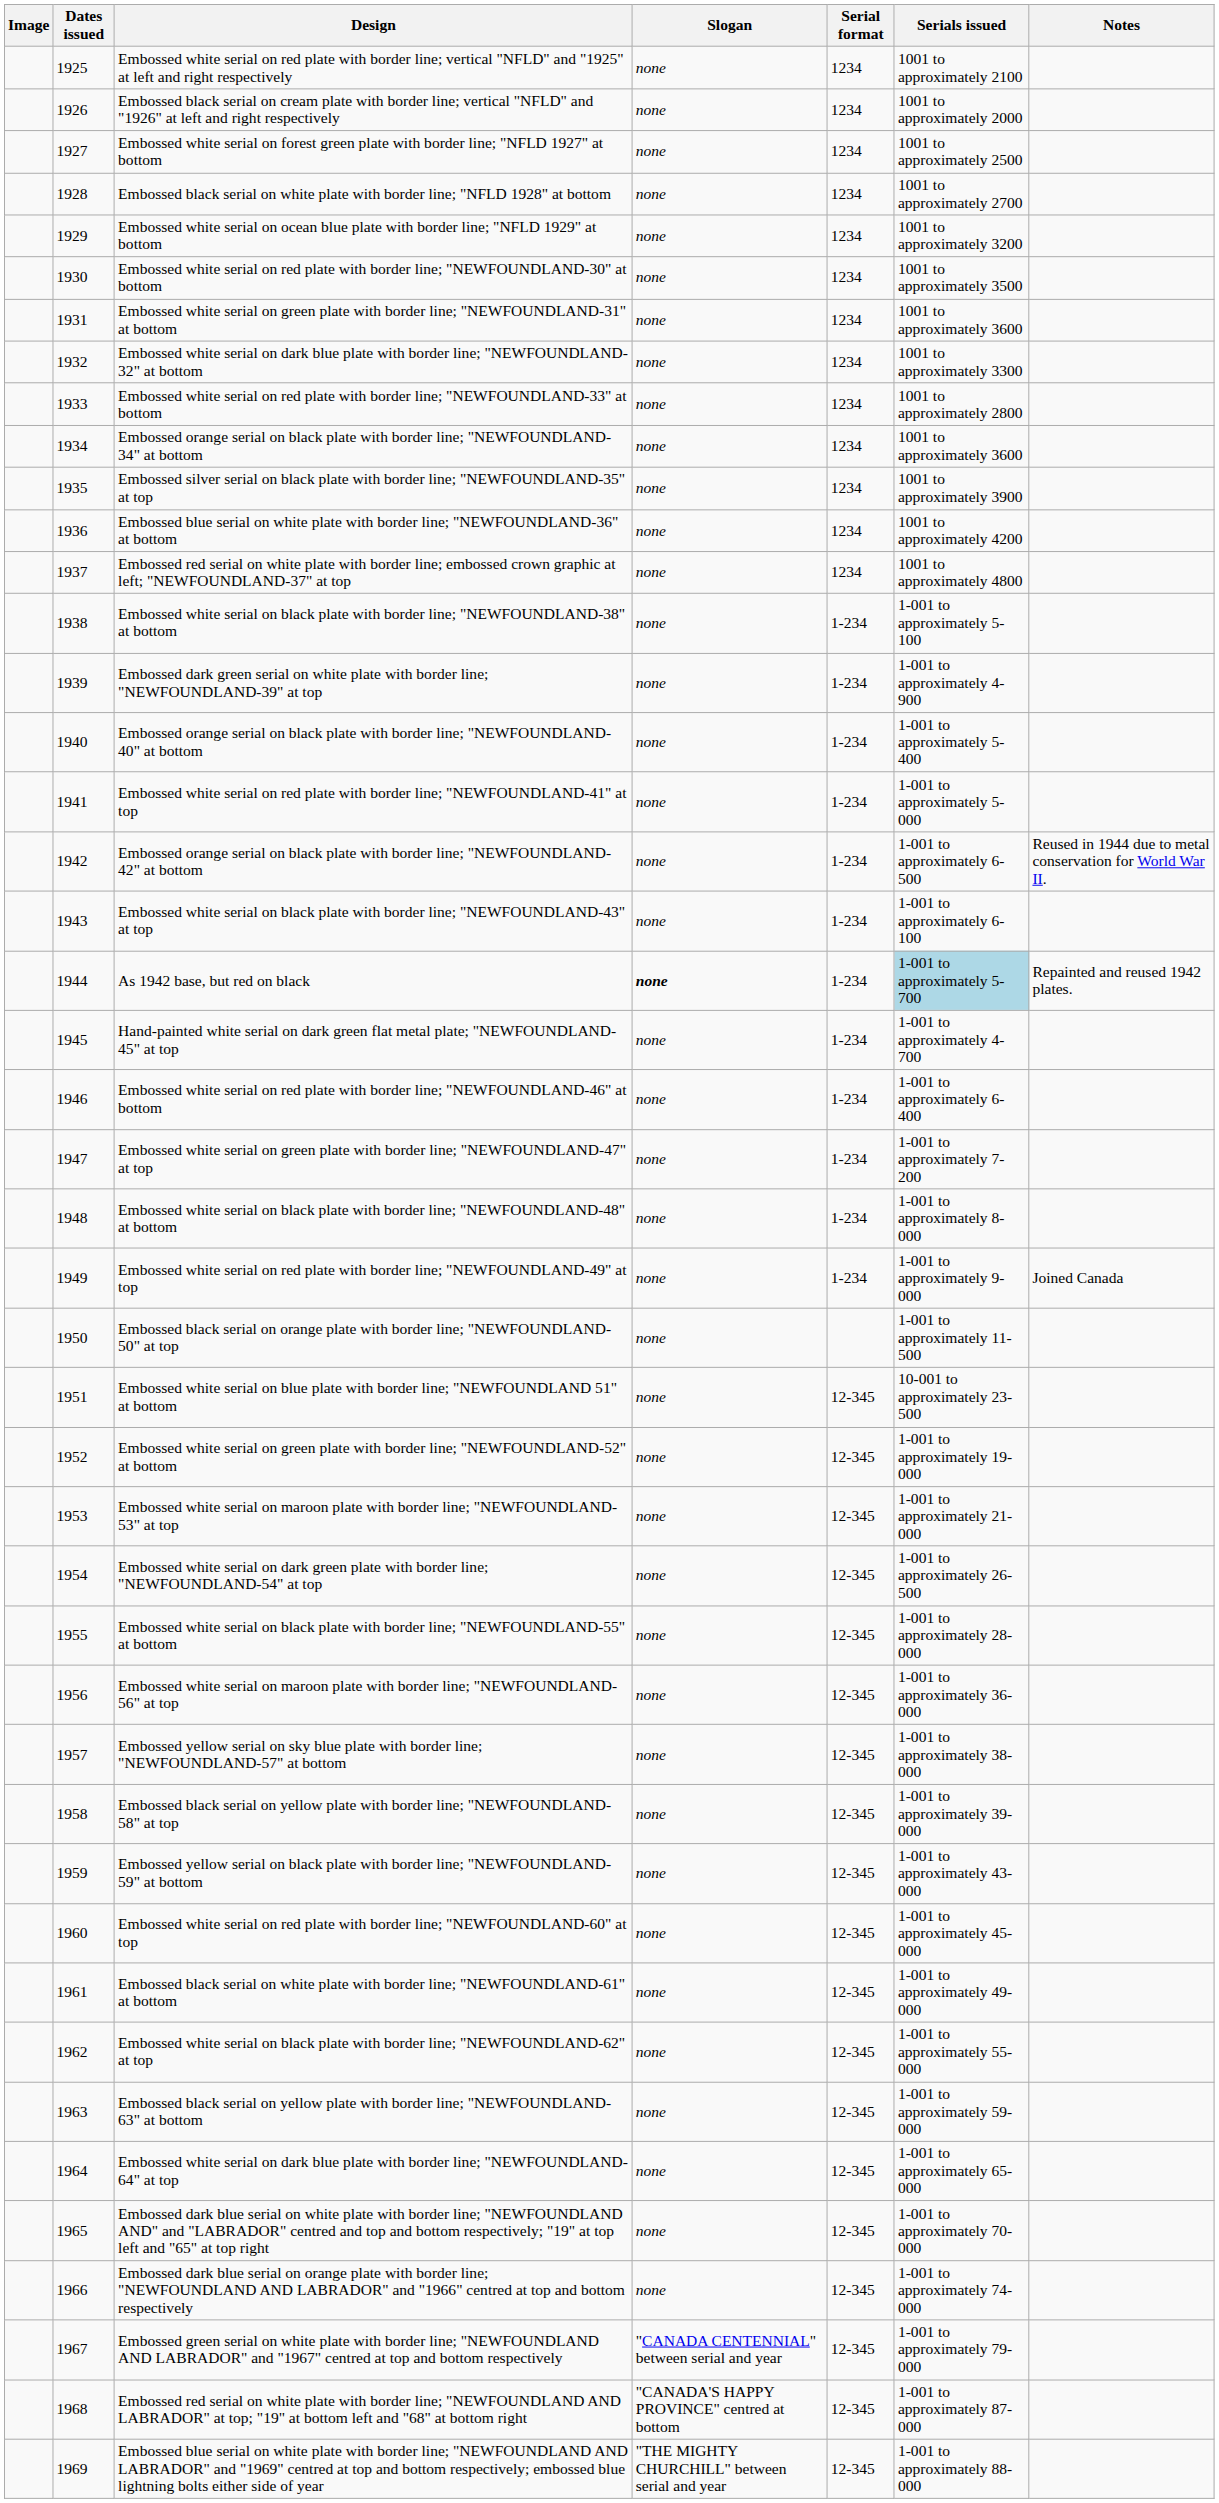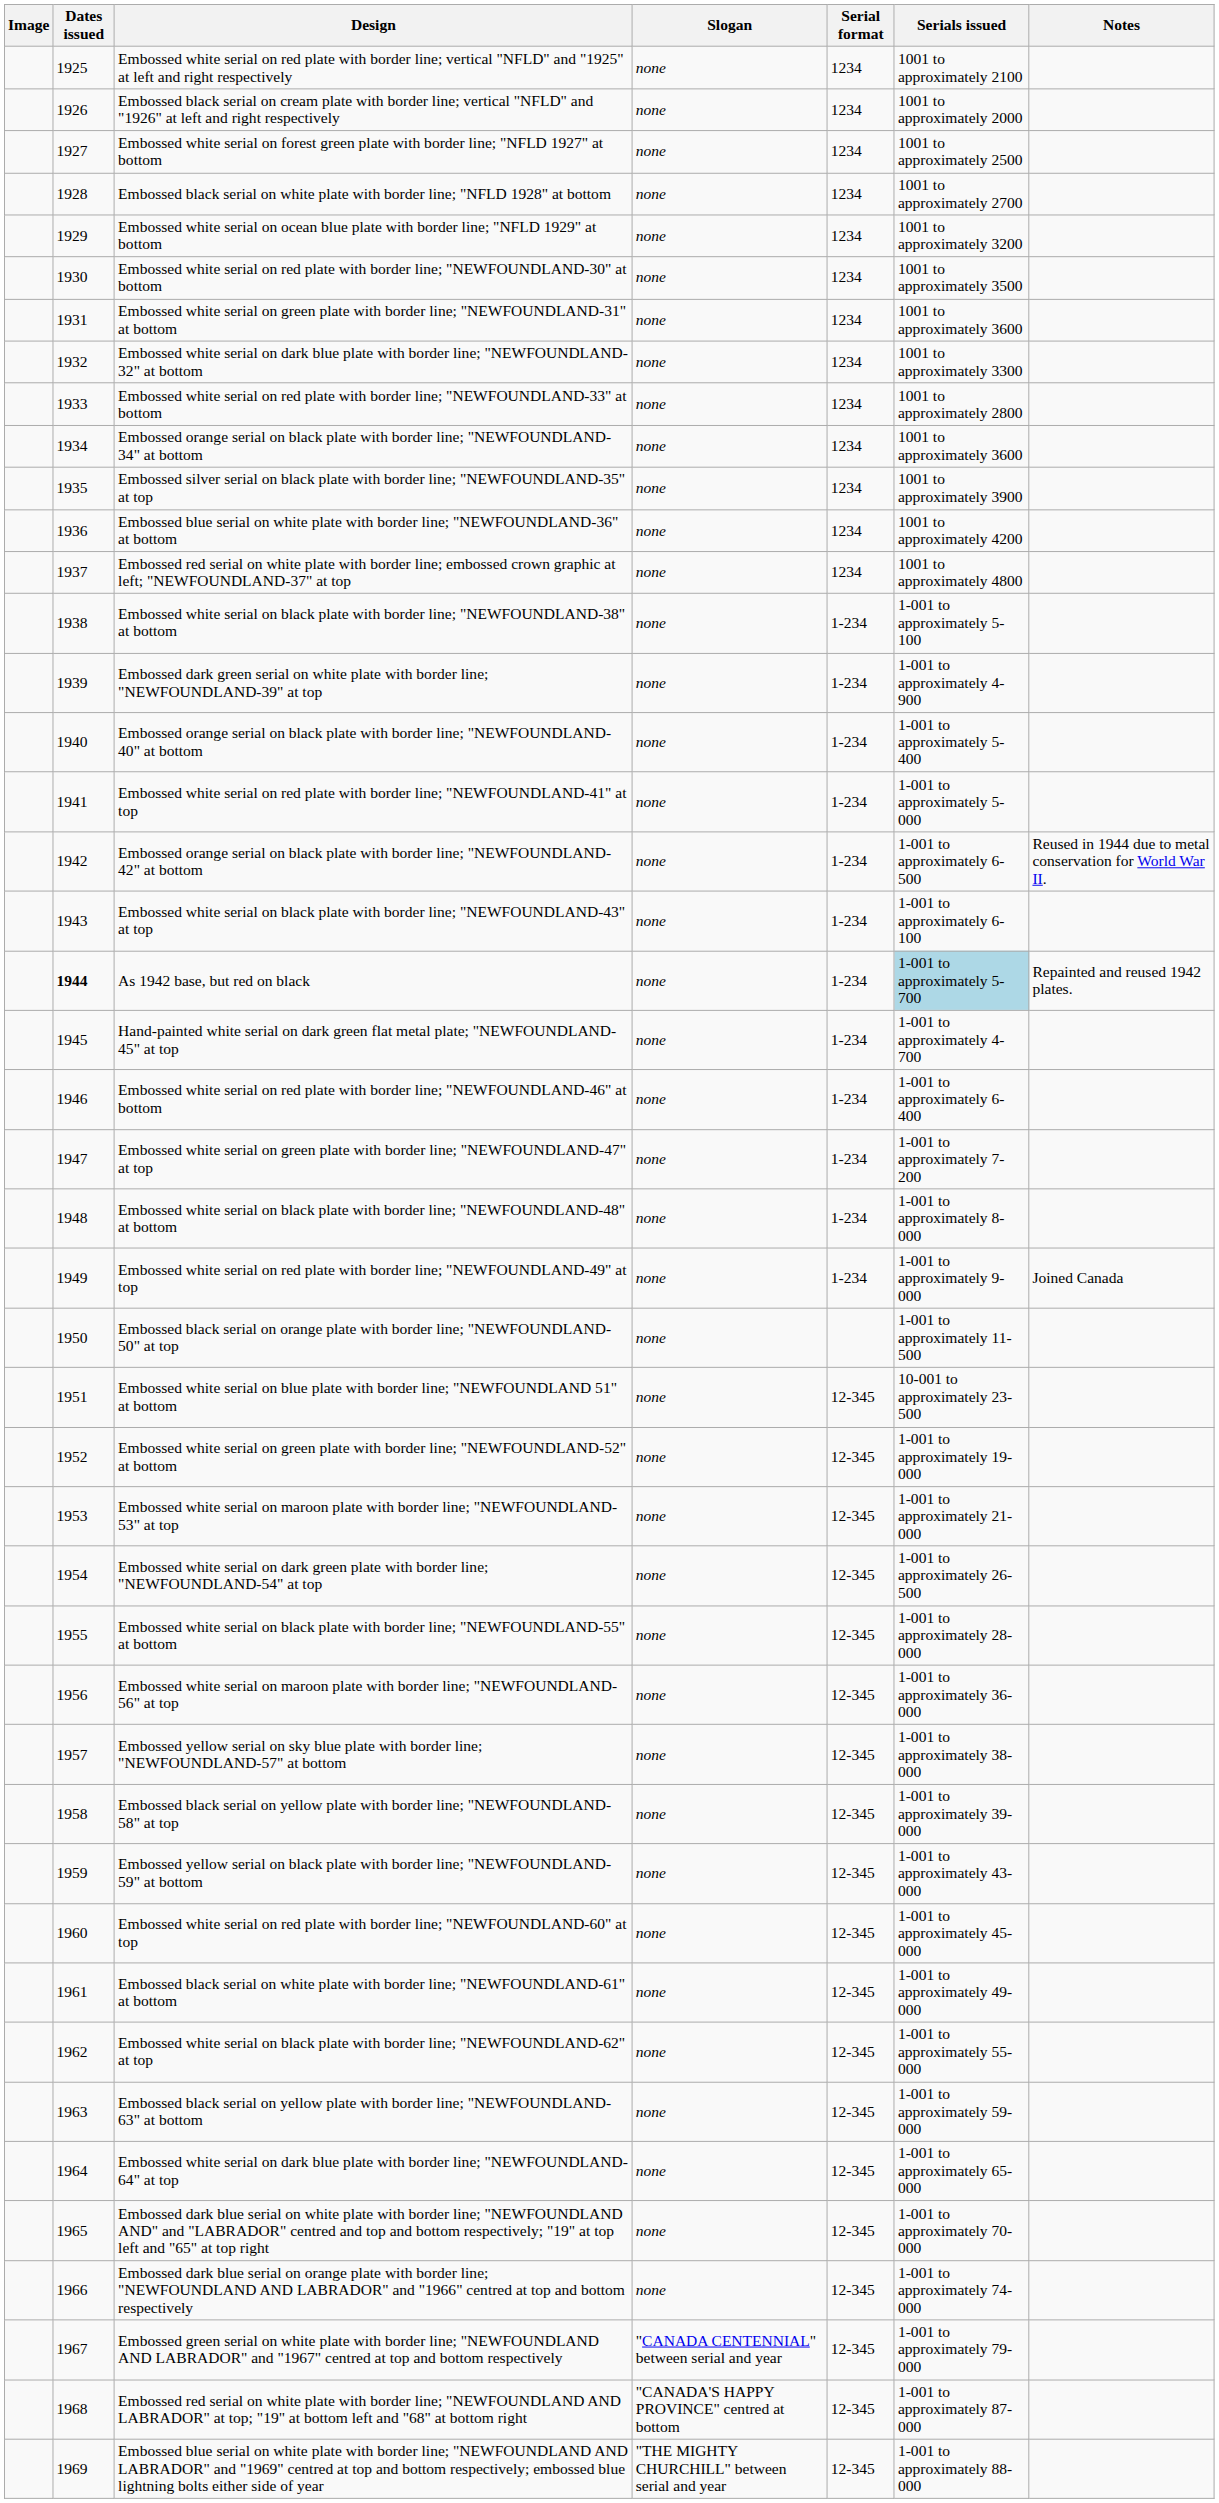 <table class="wikitable">
 <tr>
 <th>Image</th>
 <th>Dates issued</th>
 <th>Design</th>
 <th>Slogan</th>
 <th>Serial format</th>
 <th>Serials issued</th>
 <th>Notes</th>
 </tr>
 <tr>
 <td></td>
 <td>1925</td>
 <td>Embossed white serial on red plate with border line; vertical "NFLD" and "1925" at left and right respectively</td>
 <td><em>none</em></td>
 <td>1234</td>
 <td>1001 to approximately 2100</td>
 <td></td>
 </tr>
 <tr>
 <td></td>
 <td>1926</td>
 <td>Embossed black serial on cream plate with border line; vertical "NFLD" and "1926" at left and right respectively</td>
 <td><em>none</em></td>
 <td>1234</td>
 <td>1001 to approximately 2000</td>
 <td></td>
 </tr>
 <tr>
 <td></td>
 <td>1927</td>
 <td>Embossed white serial on forest green plate with border line; "NFLD 1927" at bottom</td>
 <td><em>none</em></td>
 <td>1234</td>
 <td>1001 to approximately 2500</td>
 <td></td>
 </tr>
 <tr>
 <td></td>
 <td>1928</td>
 <td>Embossed black serial on white plate with border line; "NFLD 1928" at bottom</td>
 <td><em>none</em></td>
 <td>1234</td>
 <td>1001 to approximately 2700</td>
 <td></td>
 </tr>
 <tr>
 <td></td>
 <td>1929</td>
 <td>Embossed white serial on ocean blue plate with border line; "NFLD 1929" at bottom</td>
 <td><em>none</em></td>
 <td>1234</td>
 <td>1001 to approximately 3200</td>
 <td></td>
 </tr>
 <tr>
 <td></td>
 <td>1930</td>
 <td>Embossed white serial on red plate with border line; "NEWFOUNDLAND-30" at bottom</td>
 <td><em>none</em></td>
 <td>1234</td>
 <td>1001 to approximately 3500</td>
 <td></td>
 </tr>
 <tr>
 <td></td>
 <td>1931</td>
 <td>Embossed white serial on green plate with border line; "NEWFOUNDLAND-31" at bottom</td>
 <td><em>none</em></td>
 <td>1234</td>
 <td>1001 to approximately 3600</td>
 <td></td>
 </tr>
 <tr>
 <td></td>
 <td>1932</td>
 <td>Embossed white serial on dark blue plate with border line; "NEWFOUNDLAND-32" at bottom</td>
 <td><em>none</em></td>
 <td>1234</td>
 <td>1001 to approximately 3300</td>
 <td></td>
 </tr>
 <tr>
 <td></td>
 <td>1933</td>
 <td>Embossed white serial on red plate with border line; "NEWFOUNDLAND-33" at bottom</td>
 <td><em>none</em></td>
 <td>1234</td>
 <td>1001 to approximately 2800</td>
 <td></td>
 </tr>
 <tr>
 <td></td>
 <td>1934</td>
 <td>Embossed orange serial on black plate with border line; "NEWFOUNDLAND-34" at bottom</td>
 <td><em>none</em></td>
 <td>1234</td>
 <td>1001 to approximately 3600</td>
 <td></td>
 </tr>
 <tr>
 <td></td>
 <td>1935</td>
 <td>Embossed silver serial on black plate with border line; "NEWFOUNDLAND-35" at top</td>
 <td><em>none</em></td>
 <td>1234</td>
 <td>1001 to approximately 3900</td>
 <td></td>
 </tr>
 <tr>
 <td></td>
 <td>1936</td>
 <td>Embossed blue serial on white plate with border line; "NEWFOUNDLAND-36" at bottom</td>
 <td><em>none</em></td>
 <td>1234</td>
 <td>1001 to approximately 4200</td>
 <td></td>
 </tr>
 <tr>
 <td></td>
 <td>1937</td>
 <td>Embossed red serial on white plate with border line; embossed crown graphic at left; "NEWFOUNDLAND-37" at top</td>
 <td><em>none</em></td>
 <td>1234</td>
 <td>1001 to approximately 4800</td>
 <td></td>
 </tr>
 <tr>
 <td></td>
 <td>1938</td>
 <td>Embossed white serial on black plate with border line; "NEWFOUNDLAND-38" at bottom</td>
 <td><em>none</em></td>
 <td>1-234</td>
 <td>1-001 to approximately 5-100</td>
 <td></td>
 </tr>
 <tr>
 <td></td>
 <td>1939</td>
 <td>Embossed dark green serial on white plate with border line; "NEWFOUNDLAND-39" at top</td>
 <td><em>none</em></td>
 <td>1-234</td>
 <td>1-001 to approximately 4-900</td>
 <td></td>
 </tr>
 <tr>
 <td></td>
 <td>1940</td>
 <td>Embossed orange serial on black plate with border line; "NEWFOUNDLAND-40" at bottom</td>
 <td><em>none</em></td>
 <td>1-234</td>
 <td>1-001 to approximately 5-400</td>
 <td></td>
 </tr>
 <tr>
 <td></td>
 <td>1941</td>
 <td>Embossed white serial on red plate with border line; "NEWFOUNDLAND-41" at top</td>
 <td><em>none</em></td>
 <td>1-234</td>
 <td>1-001 to approximately 5-000</td>
 <td></td>
 </tr>
 <tr>
 <td></td>
 <td>1942</td>
 <td>Embossed orange serial on black plate with border line; "NEWFOUNDLAND-42" at bottom</td>
 <td><em>none</em></td>
 <td>1-234</td>
 <td>1-001 to approximately 6-500</td>
 <td>Reused in 1944 due to metal conservation for <a href='#'>World War II</a>.</td>
 </tr>
 <tr>
 <td></td>
 <td>1943</td>
 <td>Embossed white serial on black plate with border line; "NEWFOUNDLAND-43" at top</td>
 <td><em>none</em></td>
 <td>1-234</td>
 <td>1-001 to approximately 6-100</td>
 <td></td>
 </tr>
 <tr>
 <td></td>
-<td>1944</td>
+<td><strong>1944</strong></td>
 <td>As 1942 base, but red on black</td>
-<td><strong><em>none</em></strong></td>
+<td><em>none</em></td>
 <td>1-234</td>
 <td style="background: lightblue;">1-001 to approximately 5-700</td>
 <td>Repainted and reused 1942 plates.</td>
 </tr>
 <tr>
 <td></td>
 <td>1945</td>
 <td>Hand-painted white serial on dark green flat metal plate; "NEWFOUNDLAND-45" at top</td>
 <td><em>none</em></td>
 <td>1-234</td>
 <td>1-001 to approximately 4-700</td>
 <td></td>
 </tr>
 <tr>
 <td></td>
 <td>1946</td>
 <td>Embossed white serial on red plate with border line; "NEWFOUNDLAND-46" at bottom</td>
 <td><em>none</em></td>
 <td>1-234</td>
 <td>1-001 to approximately 6-400</td>
 <td></td>
 </tr>
 <tr>
 <td></td>
 <td>1947</td>
 <td>Embossed white serial on green plate with border line; "NEWFOUNDLAND-47" at top</td>
 <td><em>none</em></td>
 <td>1-234</td>
 <td>1-001 to approximately 7-200</td>
 <td></td>
 </tr>
 <tr>
 <td></td>
 <td>1948</td>
 <td>Embossed white serial on black plate with border line; "NEWFOUNDLAND-48" at bottom</td>
 <td><em>none</em></td>
 <td>1-234</td>
 <td>1-001 to approximately 8-000</td>
 <td></td>
 </tr>
 <tr>
 <td></td>
 <td>1949</td>
 <td>Embossed white serial on red plate with border line; "NEWFOUNDLAND-49" at top</td>
 <td><em>none</em></td>
 <td>1-234</td>
 <td>1-001 to approximately 9-000</td>
 <td>Joined Canada</td>
 </tr>
 <tr>
 <td></td>
 <td>1950</td>
 <td>Embossed black serial on orange plate with border line; "NEWFOUNDLAND-50" at top</td>
 <td><em>none</em></td>
 <td></td>
 <td>1-001 to approximately 11-500</td>
 <td></td>
 </tr>
 <tr>
 <td></td>
 <td>1951</td>
 <td>Embossed white serial on blue plate with border line; "NEWFOUNDLAND 51" at bottom</td>
 <td><em>none</em></td>
 <td>12-345</td>
 <td>10-001 to approximately 23-500</td>
 <td></td>
 </tr>
 <tr>
 <td></td>
 <td>1952</td>
 <td>Embossed white serial on green plate with border line; "NEWFOUNDLAND-52" at bottom</td>
 <td><em>none</em></td>
 <td>12-345</td>
 <td>1-001 to approximately 19-000</td>
 <td></td>
 </tr>
 <tr>
 <td></td>
 <td>1953</td>
 <td>Embossed white serial on maroon plate with border line; "NEWFOUNDLAND-53" at top</td>
 <td><em>none</em></td>
 <td>12-345</td>
 <td>1-001 to approximately 21-000</td>
 <td></td>
 </tr>
 <tr>
 <td></td>
 <td>1954</td>
 <td>Embossed white serial on dark green plate with border line; "NEWFOUNDLAND-54" at top</td>
 <td><em>none</em></td>
 <td>12-345</td>
 <td>1-001 to approximately 26-500</td>
 <td></td>
 </tr>
 <tr>
 <td></td>
 <td>1955</td>
 <td>Embossed white serial on black plate with border line; "NEWFOUNDLAND-55" at bottom</td>
 <td><em>none</em></td>
 <td>12-345</td>
 <td>1-001 to approximately 28-000</td>
 <td></td>
 </tr>
 <tr>
 <td></td>
 <td>1956</td>
 <td>Embossed white serial on maroon plate with border line; "NEWFOUNDLAND-56" at top</td>
 <td><em>none</em></td>
 <td>12-345</td>
 <td>1-001 to approximately 36-000</td>
 <td></td>
 </tr>
 <tr>
 <td></td>
 <td>1957</td>
 <td>Embossed yellow serial on sky blue plate with border line; "NEWFOUNDLAND-57" at bottom</td>
 <td><em>none</em></td>
 <td>12-345</td>
 <td>1-001 to approximately 38-000</td>
 <td></td>
 </tr>
 <tr>
 <td></td>
 <td>1958</td>
 <td>Embossed black serial on yellow plate with border line; "NEWFOUNDLAND-58" at top</td>
 <td><em>none</em></td>
 <td>12-345</td>
 <td>1-001 to approximately 39-000</td>
 <td></td>
 </tr>
 <tr>
 <td></td>
 <td>1959</td>
 <td>Embossed yellow serial on black plate with border line; "NEWFOUNDLAND-59" at bottom</td>
 <td><em>none</em></td>
 <td>12-345</td>
 <td>1-001 to approximately 43-000</td>
 <td></td>
 </tr>
 <tr>
 <td></td>
 <td>1960</td>
 <td>Embossed white serial on red plate with border line; "NEWFOUNDLAND-60" at top</td>
 <td><em>none</em></td>
 <td>12-345</td>
 <td>1-001 to approximately 45-000</td>
 <td></td>
 </tr>
 <tr>
 <td></td>
 <td>1961</td>
 <td>Embossed black serial on white plate with border line; "NEWFOUNDLAND-61" at bottom</td>
 <td><em>none</em></td>
 <td>12-345</td>
 <td>1-001 to approximately 49-000</td>
 <td></td>
 </tr>
 <tr>
 <td></td>
 <td>1962</td>
 <td>Embossed white serial on black plate with border line; "NEWFOUNDLAND-62" at top</td>
 <td><em>none</em></td>
 <td>12-345</td>
 <td>1-001 to approximately 55-000</td>
 <td></td>
 </tr>
 <tr>
 <td></td>
 <td>1963</td>
 <td>Embossed black serial on yellow plate with border line; "NEWFOUNDLAND-63" at bottom</td>
 <td><em>none</em></td>
 <td>12-345</td>
 <td>1-001 to approximately 59-000</td>
 <td></td>
 </tr>
 <tr>
 <td></td>
 <td>1964</td>
 <td>Embossed white serial on dark blue plate with border line; "NEWFOUNDLAND-64" at top</td>
 <td><em>none</em></td>
 <td>12-345</td>
 <td>1-001 to approximately 65-000</td>
 <td></td>
 </tr>
 <tr>
 <td></td>
 <td>1965</td>
 <td>Embossed dark blue serial on white plate with border line; "NEWFOUNDLAND AND" and "LABRADOR" centred and top and bottom respectively; "19" at top left and "65" at top right</td>
 <td><em>none</em></td>
 <td>12-345</td>
 <td>1-001 to approximately 70-000</td>
 <td></td>
 </tr>
 <tr>
 <td></td>
 <td>1966</td>
 <td>Embossed dark blue serial on orange plate with border line; "NEWFOUNDLAND AND LABRADOR" and "1966" centred at top and bottom respectively</td>
 <td><em>none</em></td>
 <td>12-345</td>
 <td>1-001 to approximately 74-000</td>
 <td></td>
 </tr>
 <tr>
 <td></td>
 <td>1967</td>
 <td>Embossed green serial on white plate with border line; "NEWFOUNDLAND AND LABRADOR" and "1967" centred at top and bottom respectively</td>
 <td>"<a href='#'>CANADA CENTENNIAL</a>" between serial and year</td>
 <td>12-345</td>
 <td>1-001 to approximately 79-000</td>
 <td></td>
 </tr>
 <tr>
 <td></td>
 <td>1968</td>
 <td>Embossed red serial on white plate with border line; "NEWFOUNDLAND AND LABRADOR" at top; "19" at bottom left and "68" at bottom right</td>
 <td>"CANADA'S HAPPY PROVINCE" centred at bottom</td>
 <td>12-345</td>
 <td>1-001 to approximately 87-000</td>
 <td></td>
 </tr>
 <tr>
 <td></td>
 <td>1969</td>
 <td>Embossed blue serial on white plate with border line; "NEWFOUNDLAND AND LABRADOR" and "1969" centred at top and bottom respectively; embossed blue lightning bolts either side of year</td>
 <td>"THE MIGHTY CHURCHILL" between serial and year</td>
 <td>12-345</td>
 <td>1-001 to approximately 88-000</td>
 <td></td>
 </tr>
 </table>
